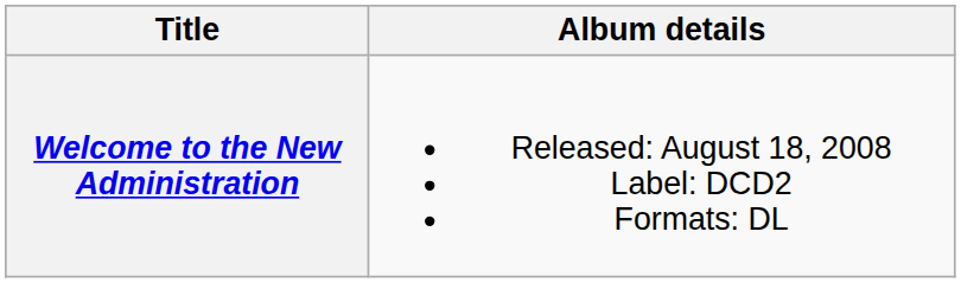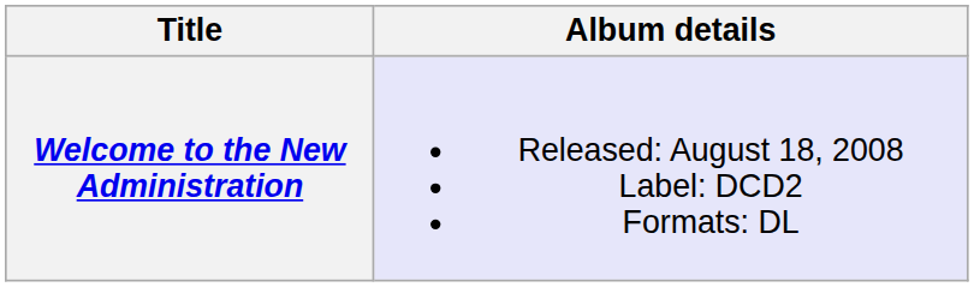 <table class="wikitable plainrowheaders" style="text-align:center;">
 <tr>
 <th scope="col" style="width:11em;">Title</th>
 <th scope="col" style="width:18em;">Album details</th>
 </tr>
 <tr>
 <th scope="row"><em><a href='#'>Welcome to the New Administration</a></em></th>
-<td><br><ul><li>Released: August 18, 2008</li><li>Label: DCD2</li><li>Formats: DL</li></ul></td>
+<td style="background: lavender;"><br><ul><li>Released: August 18, 2008</li><li>Label: DCD2</li><li>Formats: DL</li></ul></td>
 </tr>
 </table>
